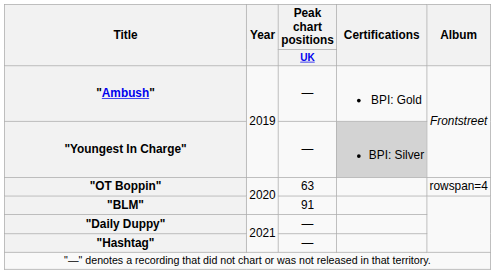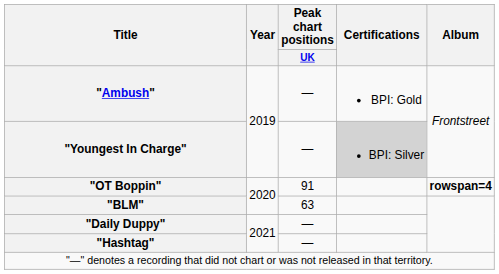 <table class="wikitable plainrowheaders" style="text-align:center;">
 <tr>
 <th scope="col" rowspan="2" style="width:20em;">Title</th>
 <th scope="col" rowspan="2">Year</th>
 <th scope="col" colspan="1">Peak chart positions</th>
 <th scope="col" rowspan="2">Certifications</th>
 <th scope="col" rowspan="2">Album</th>
 </tr>
 <tr>
 <th scope="col" style="width:3em;font-size:85%;"><a href='#'>UK</a><br></th>
 </tr>
 <tr>
 <th scope="row">"<a href='#'>Ambush</a>"<br></th>
 <td rowspan=2>2019</td>
 <td>—</td>
 <td><br><ul><li>BPI: Gold</li></ul></td>
 <td rowspan=2><em>Frontstreet</em></td>
 </tr>
 <tr>
 <th scope="row">"Youngest In Charge"</th>
 <td>—</td>
 <td style="background: lightgrey;"><br><ul><li>BPI: Silver</li></ul></td>
 </tr>
 <tr>
 <th scope="row">"OT Boppin"<br></th>
 <td rowspan= 2>2020</td>
-<td>63</td>
+<td>91</td>
 <td></td>
-<td>rowspan=4 </td>
+<td><strong>rowspan=4 </strong></td>
 </tr>
 <tr>
 <th scope="row">"BLM"<br></th>
-<td>91</td>
+<td>63</td>
 <td></td>
 </tr>
 <tr>
 <th scope="row">"Daily Duppy"<br></th>
 <td rowspan= 2>2021</td>
 <td>—</td>
 <td></td>
 </tr>
 <tr>
 <th scope="row">"Hashtag"<br></th>
 <td>—</td>
 <td></td>
 </tr>
 <tr>
 <td colspan="6" style="font-size:90%">"—" denotes a recording that did not chart or was not released in that territory.</td>
 </tr>
 </table>
